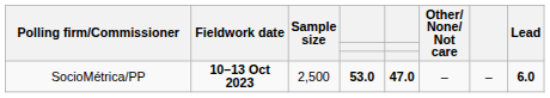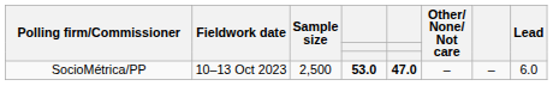 <table class="wikitable collapsible collapsed" style="text-align:center; font-size:90%; line-height:14px;">
 <tr style="height:42px;">
 <th style="width:250px;" rowspan="3">Polling firm/Commissioner</th>
 <th style="width:125px;" rowspan="3">Fieldwork date</th>
 <th style="width:50px;" rowspan="3">Sample size</th>
 <th style="width:55px;"></th>
 <th style="width:35px;"></th>
 <th style="width:55px;" rowspan="3">Other/<br>None/<br>Not<br>care</th>
 <th style="width:55px;" rowspan="3"></th>
 <th style="width:30px;" rowspan="3">Lead</th>
 </tr>
 <tr>
 <th style="color:inherit;background:"></th>
 <th style="color:inherit;background:"></th>
 </tr>
 <tr>
 <th></th>
 <th></th>
 </tr>
 <tr>
 <td>SocioMétrica/PP</td>
-<td><strong>10–13 Oct 2023</strong></td>
+<td>10–13 Oct 2023</td>
 <td>2,500</td>
 <td><strong>53.0</strong></td>
 <td><strong>47.0</strong></td>
 <td>–</td>
 <td>–</td>
-<td style="background:"><strong>6.0</strong></td>
+<td style="background:">6.0</td>
 </tr>
 </table>
